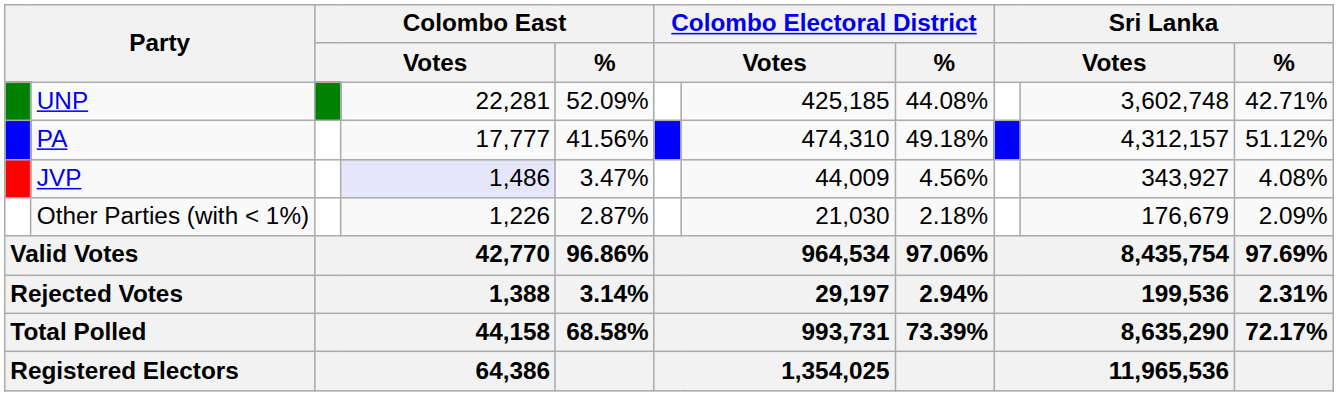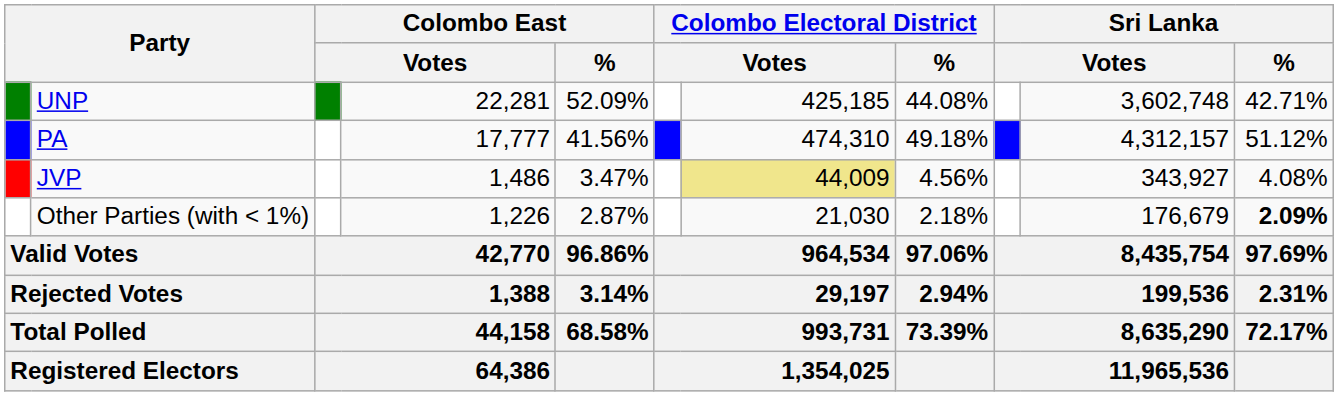 <table class="wikitable">
 <tr>
 <th colspan="2" width="144px"rowspan="2">Party</th>
 <th colspan="3" width="216px">Colombo East</th>
 <th colspan="3" width="216px"><a href='#'>Colombo Electoral District</a></th>
 <th colspan="3" width="216px">Sri Lanka</th>
 </tr>
 <tr>
 <th colspan="2" width="144px">Votes</th>
 <th>%</th>
 <th colspan="2" width="144px">Votes</th>
 <th>%</th>
 <th colspan="2" width="144px">Votes</th>
 <th>%</th>
 </tr>
 <tr>
 <td style="background-color:green;" width="10px"></td>
 <td style="text-align:left;"><a href='#'>UNP</a></td>
 <td style="background-color:green;" width="10px"></td>
 <td style="text-align:right;">22,281</td>
 <td style="text-align:right;">52.09%</td>
 <td style="background-color:white;" width="10px"></td>
 <td style="text-align:right;">425,185</td>
 <td style="text-align:right;">44.08%</td>
 <td style="background-color:white;" width="10px"></td>
 <td style="text-align:right;">3,602,748</td>
 <td style="text-align:right;">42.71%</td>
 </tr>
 <tr>
 <td style="background-color:blue;" width="10px"></td>
 <td style="text-align:left;"><a href='#'>PA</a></td>
 <td style="background-color:white;" width="10px"></td>
 <td style="text-align:right;">17,777</td>
 <td style="text-align:right;">41.56%</td>
 <td style="background-color:blue;" width="10px"></td>
 <td style="text-align:right;">474,310</td>
 <td style="text-align:right;">49.18%</td>
 <td style="background-color:blue;" width="10px"></td>
 <td style="text-align:right;">4,312,157</td>
 <td style="text-align:right;">51.12%</td>
 </tr>
 <tr>
 <td style="background-color:red;" width="10px"></td>
 <td style="text-align:left;"><a href='#'>JVP</a></td>
 <td style="background-color:white;" width="10px"></td>
-<td style="background: lavender; text-align:right;">1,486</td>
+<td style="text-align:right;">1,486</td>
 <td style="text-align:right;">3.47%</td>
 <td style="background-color:white;" width="10px"></td>
-<td style="text-align:right;">44,009</td>
+<td style="background: khaki; text-align:right;">44,009</td>
 <td style="text-align:right;">4.56%</td>
 <td style="background-color:white;" width="10px"></td>
 <td style="text-align:right;">343,927</td>
 <td style="text-align:right;">4.08%</td>
 </tr>
 <tr>
 <td style="background-color:white;" width="10px"></td>
 <td style="text-align:left;">Other Parties (with < 1%)</td>
 <td style="background-color:white;" width="10px"></td>
 <td style="text-align:right;">1,226</td>
 <td style="text-align:right;">2.87%</td>
 <td style="background-color:white;" width="10px"></td>
 <td style="text-align:right;">21,030</td>
 <td style="text-align:right;">2.18%</td>
 <td style="background-color:white;" width="10px"></td>
 <td style="text-align:right;">176,679</td>
-<td style="text-align:right;">2.09%</td>
+<td style="text-align:right;"><strong>2.09%</strong></td>
 </tr>
 <tr>
 <th colspan="2" width="144px"style="text-align:left;">Valid Votes</th>
 <th style="text-align:right;"colspan="2" width="144px">42,770</th>
 <th style="text-align:right;">96.86%</th>
 <th style="text-align:right;"colspan="2" width="144px">964,534</th>
 <th style="text-align:right;">97.06%</th>
 <th style="text-align:right;"colspan="2" width="144px">8,435,754</th>
 <th style="text-align:right;">97.69%</th>
 </tr>
 <tr>
 <th colspan="2" width="144px"style="text-align:left;">Rejected Votes</th>
 <th style="text-align:right;"colspan="2" width="144px">1,388</th>
 <th style="text-align:right;">3.14%</th>
 <th style="text-align:right;"colspan="2" width="144px">29,197</th>
 <th style="text-align:right;">2.94%</th>
 <th style="text-align:right;"colspan="2" width="144px">199,536</th>
 <th style="text-align:right;">2.31%</th>
 </tr>
 <tr>
 <th colspan="2" width="144px"style="text-align:left;">Total Polled</th>
 <th style="text-align:right;"colspan="2" width="144px">44,158</th>
 <th style="text-align:right;">68.58%</th>
 <th style="text-align:right;"colspan="2" width="144px">993,731</th>
 <th style="text-align:right;">73.39%</th>
 <th style="text-align:right;"colspan="2" width="144px">8,635,290</th>
 <th style="text-align:right;">72.17%</th>
 </tr>
 <tr>
 <th colspan="2" width="144px"style="text-align:left;">Registered Electors</th>
 <th style="text-align:right;"colspan="2" width="144px">64,386</th>
 <th></th>
 <th style="text-align:right;"colspan="2" width="144px">1,354,025</th>
 <th></th>
 <th style="text-align:right;"colspan="2" width="144px">11,965,536</th>
 <th></th>
 </tr>
 </table>
